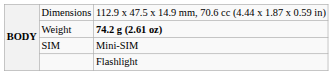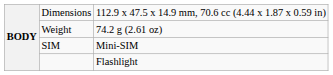 <table class="wikitable">
 <tr>
 <th rowspan="6">BODY</th>
 <td>Dimensions</td>
 <td>112.9 x 47.5 x 14.9 mm, 70.6 cc (4.44 x 1.87 x 0.59 in)</td>
 </tr>
 <tr>
 <td>Weight</td>
-<td><strong>74.2 g (2.61 oz)</strong></td>
+<td>74.2 g (2.61 oz)</td>
 </tr>
 <tr>
 <td>SIM</td>
 <td>Mini-SIM</td>
 </tr>
 <tr>
 <td></td>
 <td>Flashlight</td>
 </tr>
 </table>
